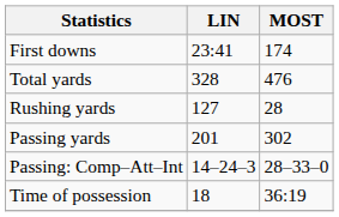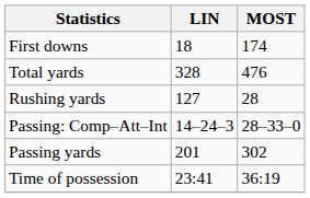 <table class="wikitable" style="float: left;">
 <tr>
 <th>Statistics</th>
 <th>LIN</th>
 <th>MOST</th>
 </tr>
 <tr>
 <td>First downs</td>
-<td>23:41</td>
+<td>18</td>
 <td>174</td>
 </tr>
 <tr>
 <td>Total yards</td>
 <td>328</td>
 <td>476</td>
 </tr>
 <tr>
 <td>Rushing yards</td>
 <td>127</td>
 <td>28</td>
 </tr>
 <tr>
+<td>Passing: Comp–Att–Int</td>
+<td>14–24–3</td>
+<td>28–33–0</td>
+</tr>
+<tr>
 <td>Passing yards</td>
 <td>201</td>
 <td>302</td>
 </tr>
 <tr>
-<td>Passing: Comp–Att–Int</td>
-<td>14–24–3</td>
-<td>28–33–0</td>
-</tr>
-<tr>
 <td>Time of possession</td>
-<td>18</td>
+<td>23:41</td>
 <td>36:19</td>
 </tr>
 <tr>
 </tr>
 </table>
